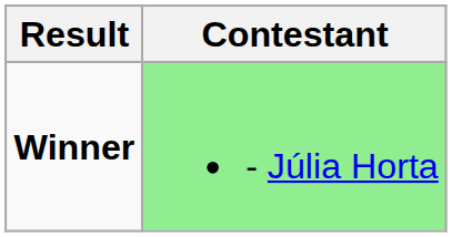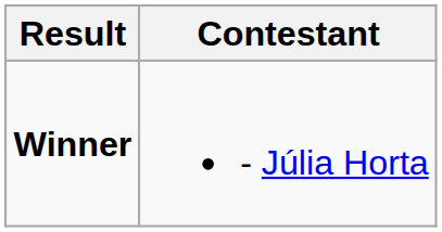 <table class="wikitable sortable" style="font-size:95%;">
 <tr>
 <th>Result</th>
 <th>Contestant</th>
 </tr>
 <tr>
 <td><strong>Winner</strong></td>
-<td style="background: lightgreen;"><br><ul><li><strong></strong> - <a href='#'>Júlia Horta</a></li></ul></td>
+<td><br><ul><li><strong></strong> - <a href='#'>Júlia Horta</a></li></ul></td>
 </tr>
 </table>
